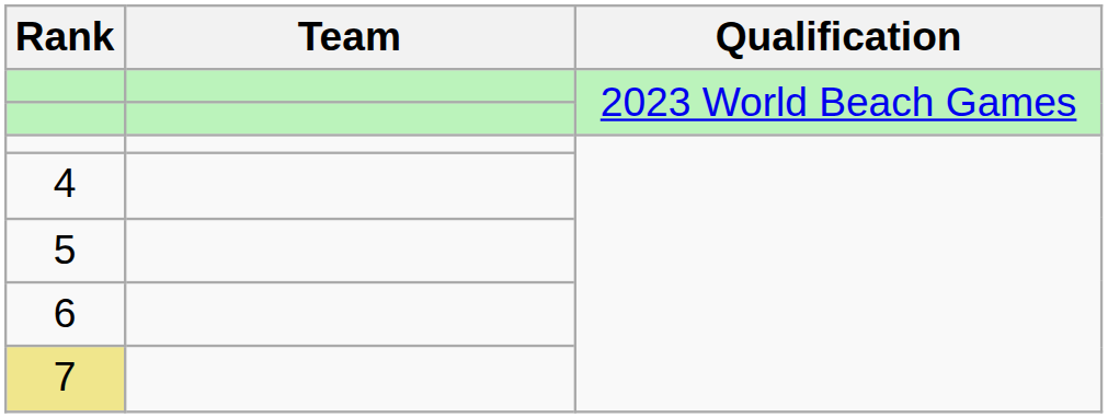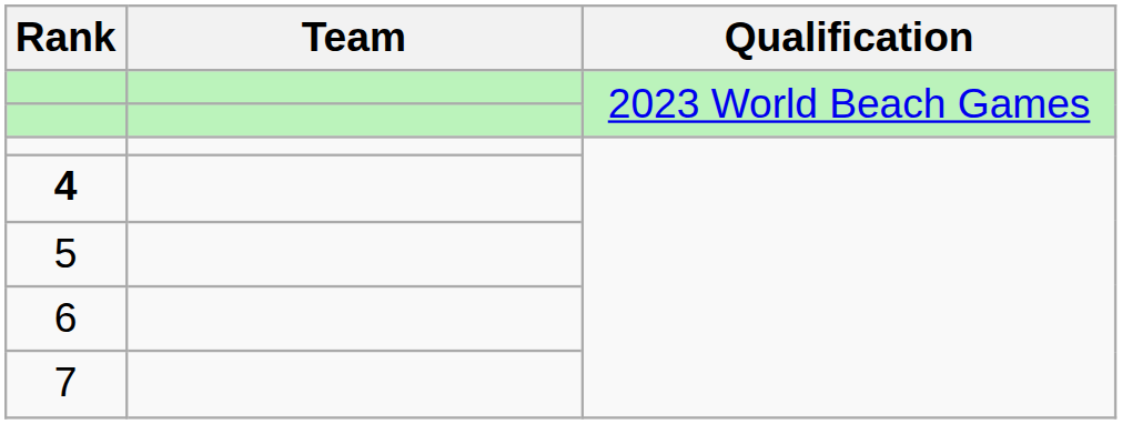 <table class="wikitable">
 <tr>
 <th>Rank</th>
 <th width=170>Team</th>
 <th width=200>Qualification</th>
 </tr>
 <tr bgcolor="#bbf3bb">
 <td align=center></td>
 <td></td>
 <td rowspan=2 align=center><a href='#'>2023 World Beach Games</a></td>
 </tr>
 <tr bgcolor="#bbf3bb">
 <td align=center></td>
 <td></td>
 </tr>
 <tr>
 <td align=center></td>
 <td></td>
 <td rowspan=11></td>
 </tr>
 <tr>
-<td align=center>4</td>
+<td align=center><strong>4</strong></td>
 <td></td>
 </tr>
 <tr>
 <td align=center>5</td>
 <td></td>
 </tr>
 <tr>
 <td align=center>6</td>
 <td></td>
 </tr>
 <tr>
-<td align=center style="background: khaki;">7</td>
+<td align=center>7</td>
 <td></td>
 </tr>
 </table>
